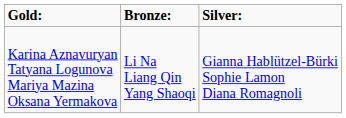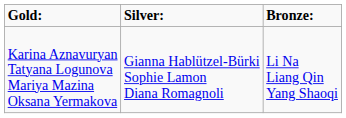 <table class="wikitable">
 <tr>
 <td !align="center"><strong>Gold:</strong> </td>
+<td !align="center"><strong>Silver:</strong> </td>
 <td !align="center"><strong>Bronze:</strong> </td>
-<td !align="center"><strong>Silver:</strong> </td>
 </tr>
 <tr>
 <td> <br> <a href='#'>Karina Aznavuryan</a><br><a href='#'>Tatyana Logunova</a> <br><a href='#'>Mariya Mazina</a><br> <a href='#'>Oksana Yermakova</a></td>
+<td><br><a href='#'>Gianna Hablützel-Bürki</a><br> <a href='#'>Sophie Lamon</a><br> <a href='#'>Diana Romagnoli</a></td>
 <td> <br> <a href='#'>Li Na</a><br> <a href='#'>Liang Qin</a><br> <a href='#'>Yang Shaoqi</a></td>
-<td><br><a href='#'>Gianna Hablützel-Bürki</a><br> <a href='#'>Sophie Lamon</a><br> <a href='#'>Diana Romagnoli</a></td>
 </tr>
 </table>
